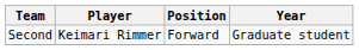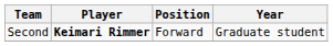 <table class="wikitable" border="1">
 <tr align=center>
 <th style= >Team</th>
 <th style= >Player</th>
 <th style= >Position</th>
 <th style= >Year</th>
 </tr>
 <tr>
 <td>Second</td>
-<td>Keimari Rimmer</td>
+<td><strong>Keimari Rimmer</strong></td>
 <td>Forward</td>
 <td>Graduate student</td>
 </tr>
 <tr>
 </tr>
 </table>
